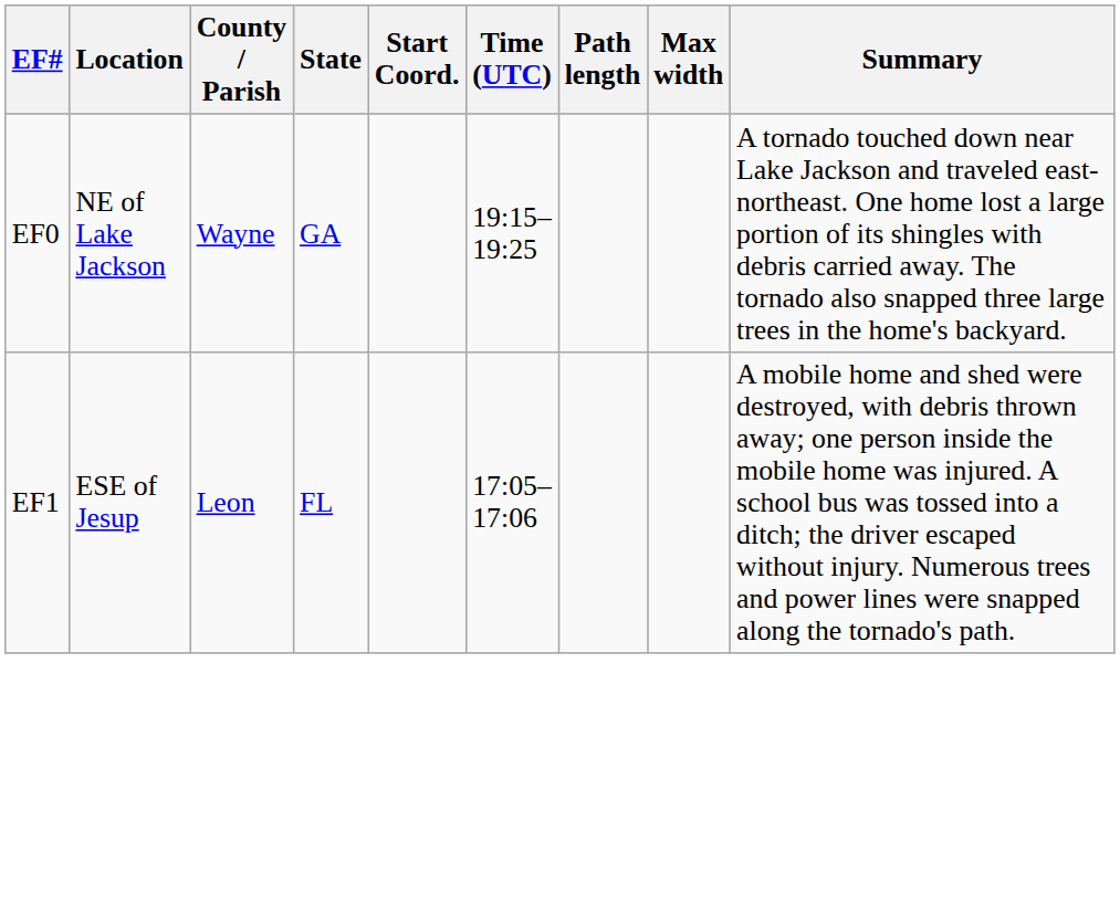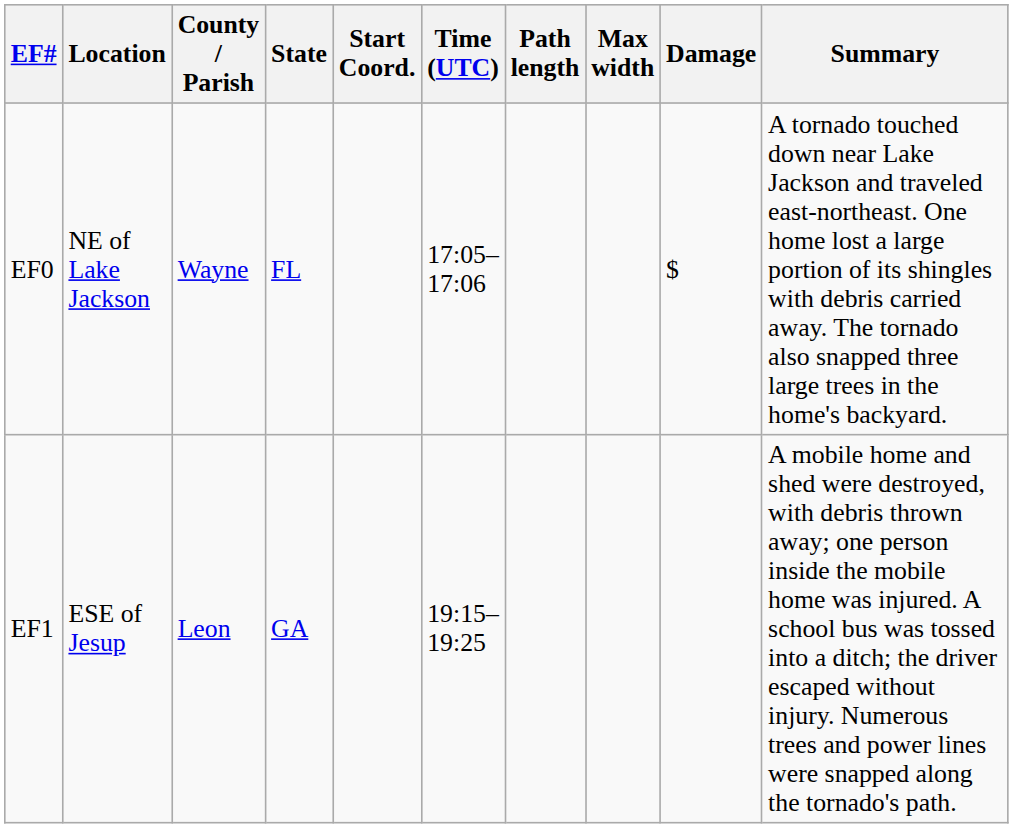 <table class="wikitable sortable" style="width:100%;">
 <tr>
 <th scope="col"  style="width:3%; text-align:center;"><a href='#'>EF#</a></th>
 <th scope="col"  style="width:7%; text-align:center;" class="unsortable">Location</th>
 <th scope="col"  style="width:6%; text-align:center;" class="unsortable">County / Parish</th>
 <th scope="col"  style="width:5%; text-align:center;">State</th>
 <th scope="col"  style="width:6%; text-align:center;">Start Coord.</th>
 <th scope="col"  style="width:6%; text-align:center;">Time (<a href='#'>UTC</a>)</th>
 <th scope="col"  style="width:6%; text-align:center;">Path length</th>
 <th scope="col"  style="width:6%; text-align:center;">Max width</th>
+<th scope="col"  style="width:6%; text-align:center;">Damage</th>
 <th scope="col" class="unsortable" style="width:48%; text-align:center;">Summary</th>
 </tr>
 <tr>
 <td>EF0</td>
 <td>NE of <a href='#'>Lake Jackson</a></td>
 <td><a href='#'>Wayne</a></td>
-<td><a href='#'>GA</a></td>
+<td><a href='#'>FL</a></td>
 <td></td>
-<td>19:15–19:25</td>
+<td>17:05–17:06</td>
 <td></td>
 <td></td>
+<td>$</td>
 <td>A tornado touched down near Lake Jackson and traveled east-northeast. One home lost a large portion of its shingles with debris carried  away. The tornado also snapped three large trees in the home's backyard.</td>
 </tr>
 <tr>
 <td>EF1</td>
 <td>ESE of <a href='#'>Jesup</a></td>
 <td><a href='#'>Leon</a></td>
-<td><a href='#'>FL</a></td>
+<td><a href='#'>GA</a></td>
 <td></td>
-<td>17:05–17:06</td>
+<td>19:15–19:25</td>
+<td></td>
 <td></td>
 <td></td>
 <td>A mobile home and shed were destroyed, with debris thrown  away; one person inside the mobile home was injured. A school bus was tossed into a ditch; the driver escaped without injury. Numerous trees and power lines were snapped along the tornado's path.</td>
 </tr>
 </table>
